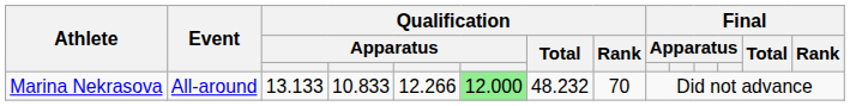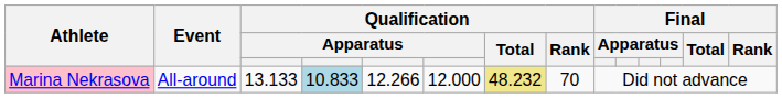 <table class="wikitable" style="font-size:90%">
 <tr>
 <th rowspan=3>Athlete</th>
 <th rowspan=3>Event</th>
 <th colspan=6>Qualification</th>
 <th colspan=6>Final</th>
 </tr>
 <tr style="font-size:95%">
 <th colspan=4>Apparatus</th>
 <th rowspan=2>Total</th>
 <th rowspan=2>Rank</th>
 <th colspan=4>Apparatus</th>
 <th rowspan=2>Total</th>
 <th rowspan=2>Rank</th>
 </tr>
 <tr style="font-size:95%">
 <th></th>
 <th></th>
 <th></th>
 <th></th>
 <th></th>
 <th></th>
 <th></th>
 <th></th>
 </tr>
 <tr align=center>
-<td align=left><a href='#'>Marina Nekrasova</a></td>
+<td align=left style="background: pink;"><a href='#'>Marina Nekrasova</a></td>
 <td align=left><a href='#'>All-around</a></td>
 <td>13.133</td>
-<td>10.833</td>
+<td style="background: lightblue;">10.833</td>
 <td>12.266</td>
-<td style="background: lightgreen;">12.000</td>
-<td>48.232</td>
+<td>12.000</td>
+<td style="background: khaki;">48.232</td>
 <td>70</td>
 <td colspan=6>Did not advance</td>
 </tr>
 </table>
